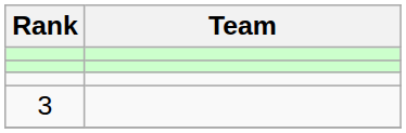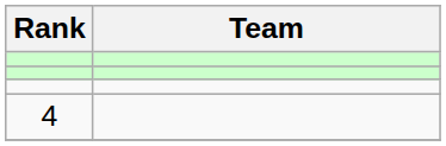 <table class="wikitable" style="text-align: center;">
 <tr>
 <th width=40>Rank</th>
 <th width=180>Team</th>
 </tr>
 <tr bgcolor=#ccffcc>
 <td></td>
 <td align=left></td>
 </tr>
 <tr bgcolor=#ccffcc>
 <td></td>
 <td align=left></td>
 </tr>
 <tr>
 <td></td>
 <td align=left></td>
 </tr>
 <tr>
-<td>3</td>
+<td>4</td>
 <td align=left></td>
 </tr>
 <tr>
 </tr>
 </table>
